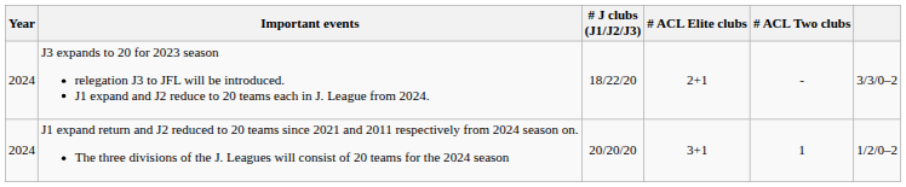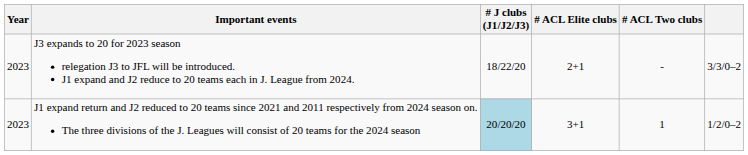 <table class="wikitable">
 <tr>
 <th>Year</th>
 <th>Important events</th>
 <th># J clubs<br>(J1/J2/J3)</th>
 <th># ACL Elite clubs</th>
 <th># ACL Two clubs</th>
 <th></th>
 </tr>
 <tr>
-<td>2024</td>
+<td>2023</td>
 <td>J3 expands to 20 for 2023 season<br><ul><li>relegation J3 to JFL will be introduced.</li><li>J1 expand and J2 reduce to 20 teams each in J. League from 2024.</li></ul></td>
 <td align=center>18/22/20</td>
 <td align=center>2+1</td>
 <td align=center>-</td>
 <td align=center>3/3/0–2</td>
 </tr>
 <tr>
-<td>2024</td>
+<td>2023</td>
 <td>J1 expand return and J2 reduced to 20 teams since 2021 and 2011 respectively from 2024 season on.<br><ul><li>The three divisions of the J. Leagues will consist of 20 teams for the 2024 season</li></ul></td>
-<td align=center>20/20/20</td>
+<td align=center style="background: lightblue;">20/20/20</td>
 <td align=center>3+1</td>
 <td align=center>1</td>
 <td align=center>1/2/0–2</td>
 </tr>
 </table>
